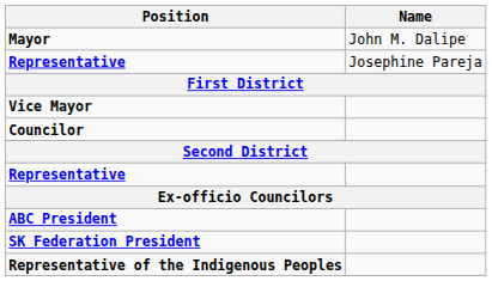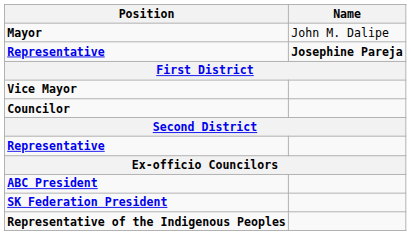 <table class="wikitable">
 <tr>
 <th>Position</th>
 <th>Name</th>
 </tr>
 <tr>
 <td><strong>Mayor</strong></td>
 <td>John M. Dalipe</td>
 </tr>
 <tr>
 <td><strong><a href='#'>Representative</a></strong></td>
-<td>Josephine Pareja</td>
+<td><strong>Josephine Pareja</strong></td>
 </tr>
 <tr>
 <th colspan="2"><strong><a href='#'>First District</a></strong></th>
 </tr>
 <tr>
 <td><strong>Vice Mayor</strong></td>
 <td></td>
 </tr>
 <tr>
 <td><strong>Councilor</strong></td>
 <td></td>
 </tr>
 <tr>
 <th colspan="2"><strong><a href='#'>Second District</a></strong></th>
 </tr>
 <tr>
 <td><strong><a href='#'>Representative</a></strong></td>
 <td></td>
 </tr>
 <tr>
 <th colspan="2">Ex-officio Councilors</th>
 </tr>
 <tr>
 <td><strong><a href='#'>ABC President</a></strong></td>
 <td></td>
 </tr>
 <tr>
 <td><strong><a href='#'>SK Federation President</a></strong></td>
 <td></td>
 </tr>
 <tr>
 <td><strong>Representative of the Indigenous Peoples</strong></td>
 <td></td>
 </tr>
 </table>
